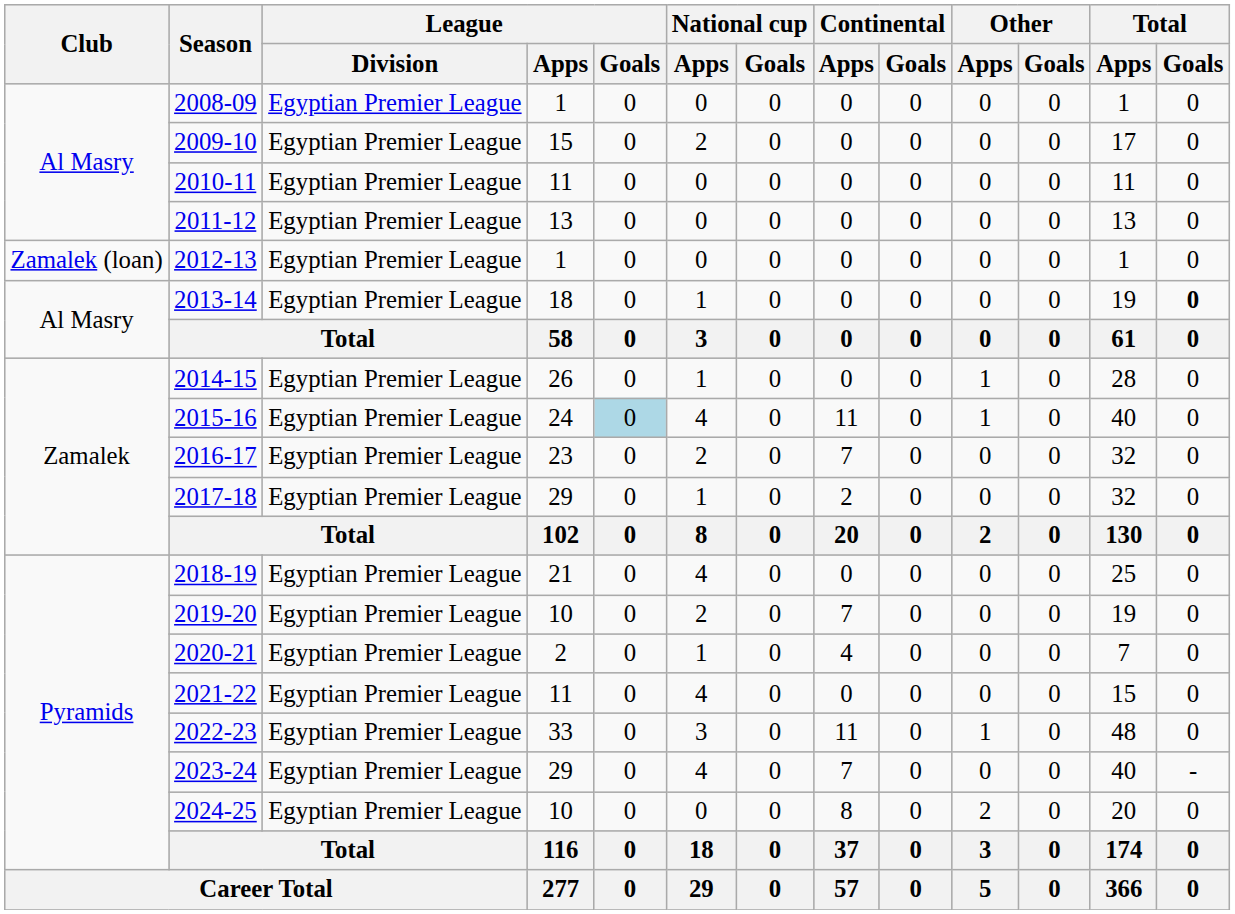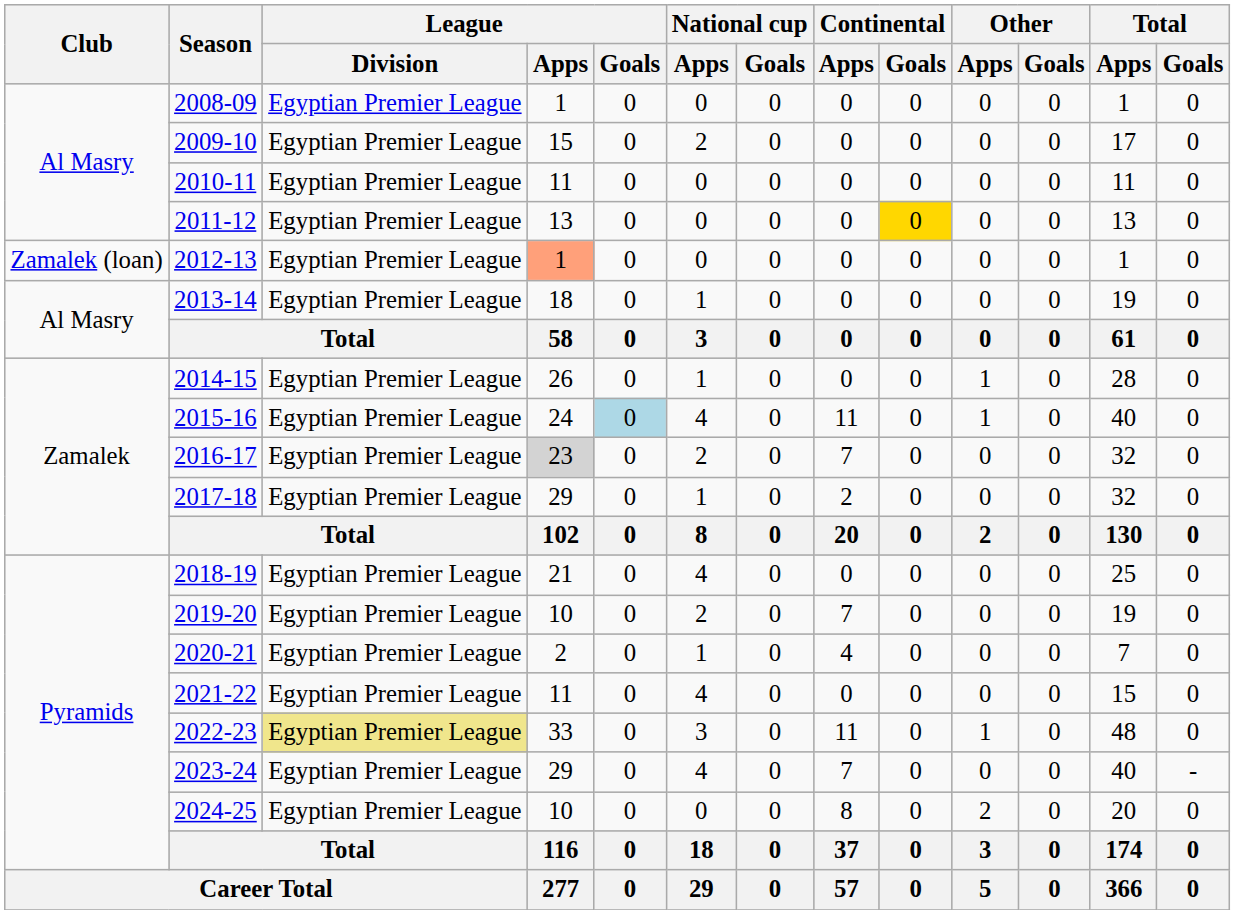 <table class="wikitable" style="text-align:center">
 <tr>
 <th rowspan="2">Club</th>
 <th rowspan="2">Season</th>
 <th colspan="3">League</th>
 <th colspan="2">National cup</th>
 <th colspan="2">Continental</th>
 <th colspan="2">Other</th>
 <th colspan="2">Total</th>
 </tr>
 <tr>
 <th>Division</th>
 <th>Apps</th>
 <th>Goals</th>
 <th>Apps</th>
 <th>Goals</th>
 <th>Apps</th>
 <th>Goals</th>
 <th>Apps</th>
 <th>Goals</th>
 <th>Apps</th>
 <th>Goals</th>
 </tr>
 <tr>
 <td rowspan="4"><a href='#'>Al Masry</a></td>
 <td><a href='#'>2008-09</a></td>
 <td><a href='#'>Egyptian Premier League</a></td>
 <td>1</td>
 <td>0</td>
 <td>0</td>
 <td>0</td>
 <td>0</td>
 <td>0</td>
 <td>0</td>
 <td>0</td>
 <td>1</td>
 <td>0</td>
 </tr>
 <tr>
 <td><a href='#'>2009-10</a></td>
 <td>Egyptian Premier League</td>
 <td>15</td>
 <td>0</td>
 <td>2</td>
 <td>0</td>
 <td>0</td>
 <td>0</td>
 <td>0</td>
 <td>0</td>
 <td>17</td>
 <td>0</td>
 </tr>
 <tr>
 <td><a href='#'>2010-11</a></td>
 <td>Egyptian Premier League</td>
 <td>11</td>
 <td>0</td>
 <td>0</td>
 <td>0</td>
 <td>0</td>
 <td>0</td>
 <td>0</td>
 <td>0</td>
 <td>11</td>
 <td>0</td>
 </tr>
 <tr>
 <td><a href='#'>2011-12</a></td>
 <td>Egyptian Premier League</td>
 <td>13</td>
 <td>0</td>
 <td>0</td>
 <td>0</td>
 <td>0</td>
-<td>0</td>
+<td style="background: gold;">0</td>
 <td>0</td>
 <td>0</td>
 <td>13</td>
 <td>0</td>
 </tr>
 <tr>
 <td><a href='#'>Zamalek</a> (loan)</td>
 <td><a href='#'>2012-13</a></td>
 <td>Egyptian Premier League</td>
-<td>1</td>
+<td style="background: lightsalmon;">1</td>
 <td>0</td>
 <td>0</td>
 <td>0</td>
 <td>0</td>
 <td>0</td>
 <td>0</td>
 <td>0</td>
 <td>1</td>
 <td>0</td>
 </tr>
 <tr>
 <td rowspan="2">Al Masry</td>
 <td><a href='#'>2013-14</a></td>
 <td>Egyptian Premier League</td>
 <td>18</td>
 <td>0</td>
 <td>1</td>
 <td>0</td>
 <td>0</td>
 <td>0</td>
 <td>0</td>
 <td>0</td>
 <td>19</td>
-<td><strong>0</strong></td>
+<td>0</td>
 </tr>
 <tr>
 <th colspan="2">Total</th>
 <th>58</th>
 <th>0</th>
 <th>3</th>
 <th>0</th>
 <th>0</th>
 <th>0</th>
 <th>0</th>
 <th>0</th>
 <th>61</th>
 <th>0</th>
 </tr>
 <tr>
 <td rowspan="5">Zamalek</td>
 <td><a href='#'>2014-15</a></td>
 <td>Egyptian Premier League</td>
 <td>26</td>
 <td>0</td>
 <td>1</td>
 <td>0</td>
 <td>0</td>
 <td>0</td>
 <td>1</td>
 <td>0</td>
 <td>28</td>
 <td>0</td>
 </tr>
 <tr>
 <td><a href='#'>2015-16</a></td>
 <td>Egyptian Premier League</td>
 <td>24</td>
 <td style="background: lightblue;">0</td>
 <td>4</td>
 <td>0</td>
 <td>11</td>
 <td>0</td>
 <td>1</td>
 <td>0</td>
 <td>40</td>
 <td>0</td>
 </tr>
 <tr>
 <td><a href='#'>2016-17</a></td>
 <td>Egyptian Premier League</td>
-<td>23</td>
+<td style="background: lightgrey;">23</td>
 <td>0</td>
 <td>2</td>
 <td>0</td>
 <td>7</td>
 <td>0</td>
 <td>0</td>
 <td>0</td>
 <td>32</td>
 <td>0</td>
 </tr>
 <tr>
 <td><a href='#'>2017-18</a></td>
 <td>Egyptian Premier League</td>
 <td>29</td>
 <td>0</td>
 <td>1</td>
 <td>0</td>
 <td>2</td>
 <td>0</td>
 <td>0</td>
 <td>0</td>
 <td>32</td>
 <td>0</td>
 </tr>
 <tr>
 <th colspan="2">Total</th>
 <th>102</th>
 <th>0</th>
 <th>8</th>
 <th>0</th>
 <th>20</th>
 <th>0</th>
 <th>2</th>
 <th>0</th>
 <th>130</th>
 <th>0</th>
 </tr>
 <tr>
 <td rowspan="8"><a href='#'>Pyramids</a></td>
 <td><a href='#'>2018-19</a></td>
 <td>Egyptian Premier League</td>
 <td>21</td>
 <td>0</td>
 <td>4</td>
 <td>0</td>
 <td>0</td>
 <td>0</td>
 <td>0</td>
 <td>0</td>
 <td>25</td>
 <td>0</td>
 </tr>
 <tr>
 <td><a href='#'>2019-20</a></td>
 <td>Egyptian Premier League</td>
 <td>10</td>
 <td>0</td>
 <td>2</td>
 <td>0</td>
 <td>7</td>
 <td>0</td>
 <td>0</td>
 <td>0</td>
 <td>19</td>
 <td>0</td>
 </tr>
 <tr>
 <td><a href='#'>2020-21</a></td>
 <td>Egyptian Premier League</td>
 <td>2</td>
 <td>0</td>
 <td>1</td>
 <td>0</td>
 <td>4</td>
 <td>0</td>
 <td>0</td>
 <td>0</td>
 <td>7</td>
 <td>0</td>
 </tr>
 <tr>
 <td><a href='#'>2021-22</a></td>
 <td>Egyptian Premier League</td>
 <td>11</td>
 <td>0</td>
 <td>4</td>
 <td>0</td>
 <td>0</td>
 <td>0</td>
 <td>0</td>
 <td>0</td>
 <td>15</td>
 <td>0</td>
 </tr>
 <tr>
 <td><a href='#'>2022-23</a></td>
-<td>Egyptian Premier League</td>
+<td style="background: khaki;">Egyptian Premier League</td>
 <td>33</td>
 <td>0</td>
 <td>3</td>
 <td>0</td>
 <td>11</td>
 <td>0</td>
 <td>1</td>
 <td>0</td>
 <td>48</td>
 <td>0</td>
 </tr>
 <tr>
 <td><a href='#'>2023-24</a></td>
 <td>Egyptian Premier League</td>
 <td>29</td>
 <td>0</td>
 <td>4</td>
 <td>0</td>
 <td>7</td>
 <td>0</td>
 <td>0</td>
 <td>0</td>
 <td>40</td>
 <td>-</td>
 </tr>
 <tr>
 <td><a href='#'>2024-25</a></td>
 <td>Egyptian Premier League</td>
 <td>10</td>
 <td>0</td>
 <td>0</td>
 <td>0</td>
 <td>8</td>
 <td>0</td>
 <td>2</td>
 <td>0</td>
 <td>20</td>
 <td>0</td>
 </tr>
 <tr>
 <th colspan="2">Total</th>
 <th>116</th>
 <th>0</th>
 <th>18</th>
 <th>0</th>
 <th>37</th>
 <th>0</th>
 <th>3</th>
 <th>0</th>
 <th>174</th>
 <th>0</th>
 </tr>
 <tr>
 <th colspan="3">Career Total</th>
 <th>277</th>
 <th>0</th>
 <th>29</th>
 <th>0</th>
 <th>57</th>
 <th>0</th>
 <th>5</th>
 <th>0</th>
 <th>366</th>
 <th>0</th>
 </tr>
 </table>
